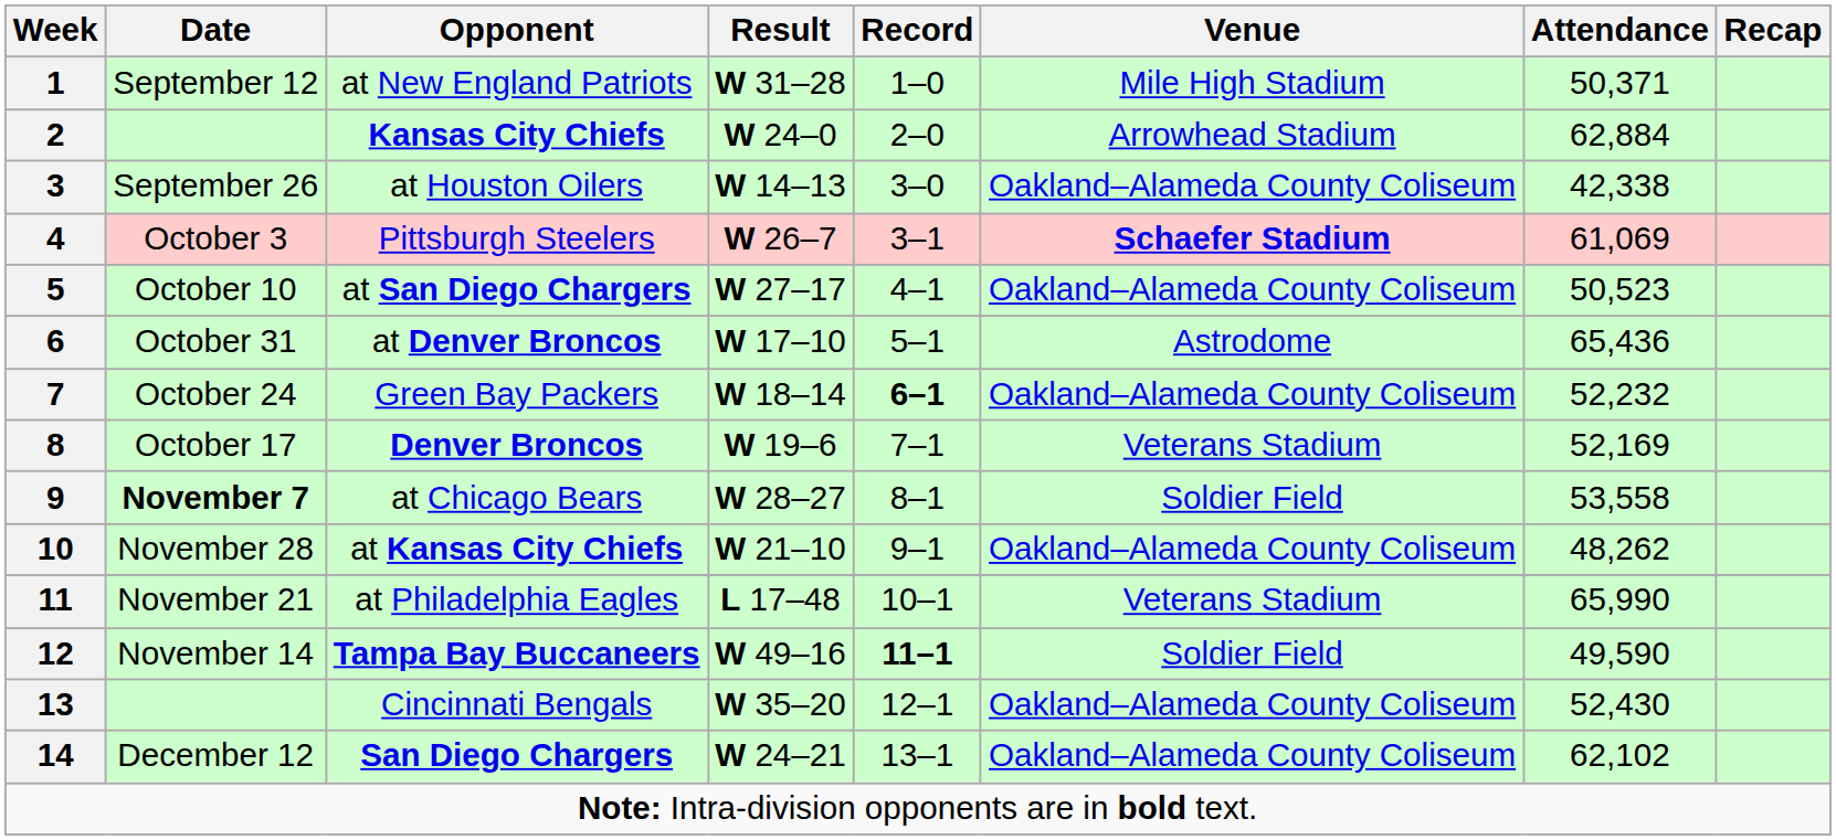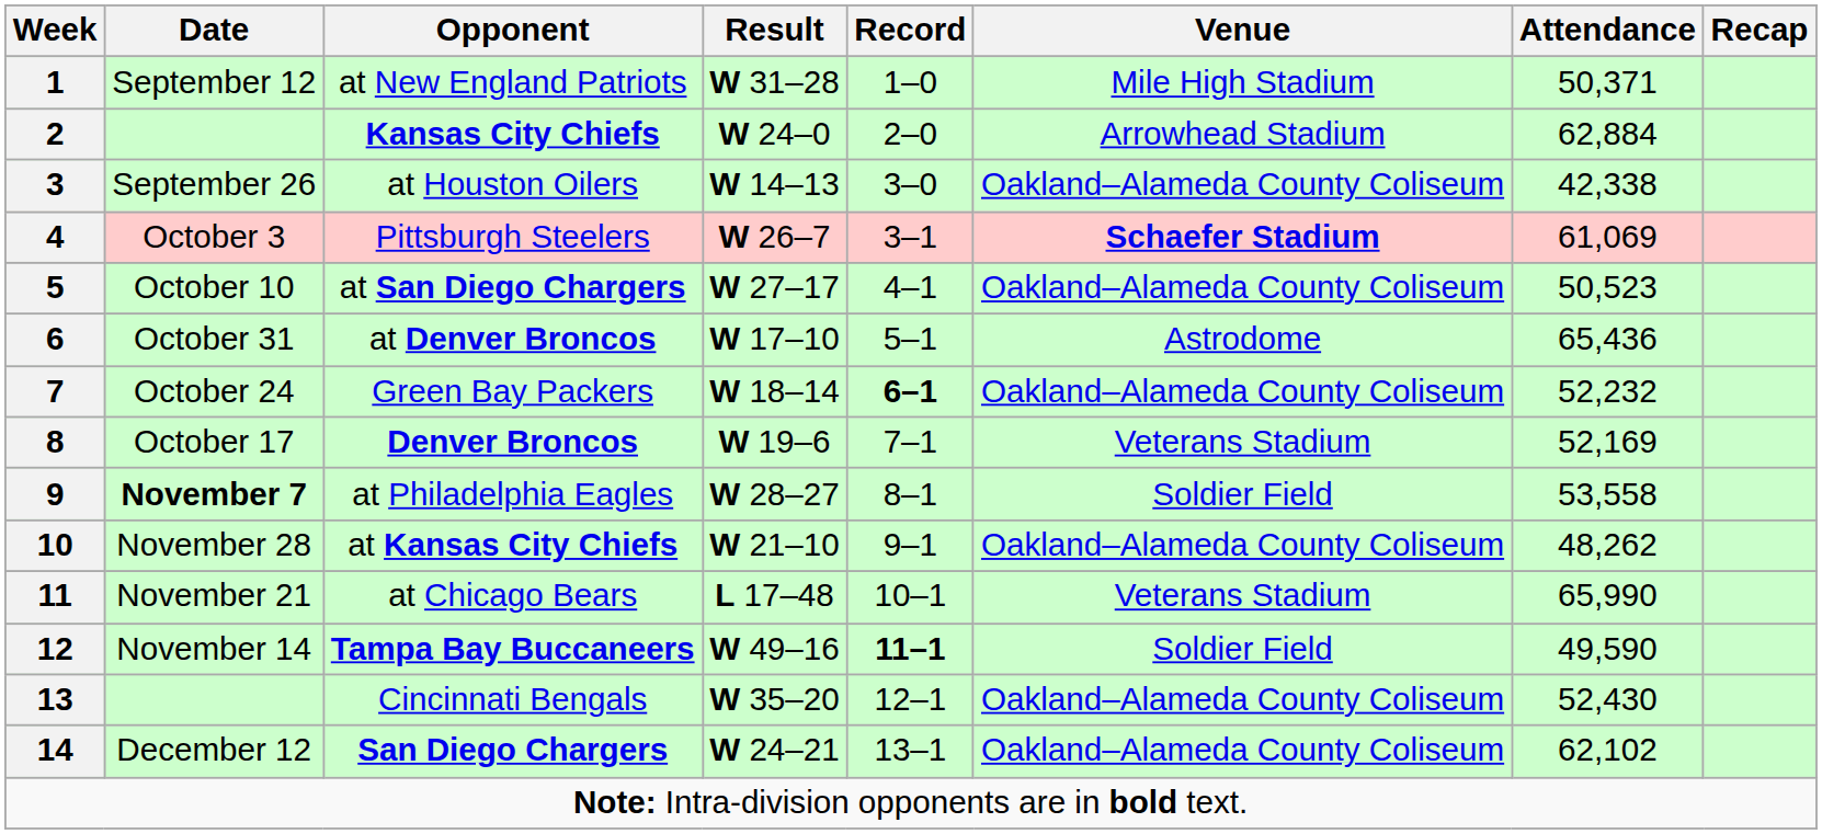 <table class="wikitable" style="text-align:center">
 <tr>
 <th>Week</th>
 <th>Date</th>
 <th>Opponent</th>
 <th>Result</th>
 <th>Record</th>
 <th>Venue</th>
 <th>Attendance</th>
 <th>Recap</th>
 </tr>
 <tr style="background: #cfc;">
 <th>1</th>
 <td>September 12</td>
 <td>at <a href='#'>New England Patriots</a></td>
 <td><strong>W</strong> 31–28</td>
 <td>1–0</td>
 <td><a href='#'>Mile High Stadium</a></td>
 <td>50,371</td>
 <td></td>
 </tr>
 <tr style="background: #cfc;">
 <th>2</th>
 <td></td>
 <td><strong><a href='#'>Kansas City Chiefs</a></strong></td>
 <td><strong>W</strong> 24–0</td>
 <td>2–0</td>
 <td><a href='#'>Arrowhead Stadium</a></td>
 <td>62,884</td>
 <td></td>
 </tr>
 <tr style="background: #cfc;">
 <th>3</th>
 <td>September 26</td>
 <td>at <a href='#'>Houston Oilers</a></td>
 <td><strong>W</strong> 14–13</td>
 <td>3–0</td>
 <td><a href='#'>Oakland–Alameda County Coliseum</a></td>
 <td>42,338</td>
 <td></td>
 </tr>
 <tr style="background: #fcc;">
 <th>4</th>
 <td>October 3</td>
 <td><a href='#'>Pittsburgh Steelers</a></td>
 <td><strong>W</strong> 26–7</td>
 <td>3–1</td>
 <td><strong><a href='#'>Schaefer Stadium</a></strong></td>
 <td>61,069</td>
 <td></td>
 </tr>
 <tr style="background: #cfc;">
 <th>5</th>
 <td>October 10</td>
 <td>at <strong><a href='#'>San Diego Chargers</a></strong></td>
 <td><strong>W</strong> 27–17</td>
 <td>4–1</td>
 <td><a href='#'>Oakland–Alameda County Coliseum</a></td>
 <td>50,523</td>
 <td></td>
 </tr>
 <tr style="background: #cfc;">
 <th>6</th>
 <td>October 31</td>
 <td>at <strong><a href='#'>Denver Broncos</a></strong></td>
 <td><strong>W</strong> 17–10</td>
 <td>5–1</td>
 <td><a href='#'>Astrodome</a></td>
 <td>65,436</td>
 <td></td>
 </tr>
 <tr style="background: #cfc;">
 <th>7</th>
 <td>October 24</td>
 <td><a href='#'>Green Bay Packers</a></td>
 <td><strong>W</strong> 18–14</td>
 <td><strong>6–1</strong></td>
 <td><a href='#'>Oakland–Alameda County Coliseum</a></td>
 <td>52,232</td>
 <td></td>
 </tr>
 <tr style="background: #cfc;">
 <th>8</th>
 <td>October 17</td>
 <td><strong><a href='#'>Denver Broncos</a></strong></td>
 <td><strong>W</strong> 19–6</td>
 <td>7–1</td>
 <td><a href='#'>Veterans Stadium</a></td>
 <td>52,169</td>
 <td></td>
 </tr>
 <tr style="background: #cfc">
 <th>9</th>
 <td><strong>November 7</strong></td>
-<td>at <a href='#'>Chicago Bears</a></td>
+<td>at <a href='#'>Philadelphia Eagles</a></td>
 <td><strong>W</strong> 28–27</td>
 <td>8–1</td>
 <td><a href='#'>Soldier Field</a></td>
 <td>53,558</td>
 <td></td>
 </tr>
 <tr style="background: #cfc;">
 <th>10</th>
 <td>November 28</td>
 <td>at <strong><a href='#'>Kansas City Chiefs</a></strong></td>
 <td><strong>W</strong> 21–10</td>
 <td>9–1</td>
 <td><a href='#'>Oakland–Alameda County Coliseum</a></td>
 <td>48,262</td>
 <td></td>
 </tr>
 <tr style="background: #cfc;">
 <th>11</th>
 <td>November 21</td>
-<td>at <a href='#'>Philadelphia Eagles</a></td>
+<td>at <a href='#'>Chicago Bears</a></td>
 <td><strong>L</strong> 17–48</td>
 <td>10–1</td>
 <td><a href='#'>Veterans Stadium</a></td>
 <td>65,990</td>
 <td></td>
 </tr>
 <tr style="background: #cfc;">
 <th>12</th>
 <td>November 14</td>
 <td><strong><a href='#'>Tampa Bay Buccaneers</a></strong></td>
 <td><strong>W</strong> 49–16</td>
 <td><strong>11–1</strong></td>
 <td><a href='#'>Soldier Field</a></td>
 <td>49,590</td>
 <td></td>
 </tr>
 <tr style="background: #cfc;">
 <th>13</th>
 <td></td>
 <td><a href='#'>Cincinnati Bengals</a></td>
 <td><strong>W</strong> 35–20</td>
 <td>12–1</td>
 <td><a href='#'>Oakland–Alameda County Coliseum</a></td>
 <td>52,430</td>
 <td></td>
 </tr>
 <tr style="background: #cfc;">
 <th>14</th>
 <td>December 12</td>
 <td><strong><a href='#'>San Diego Chargers</a></strong></td>
 <td><strong>W</strong> 24–21</td>
 <td>13–1</td>
 <td><a href='#'>Oakland–Alameda County Coliseum</a></td>
 <td>62,102</td>
 <td></td>
 </tr>
 <tr>
 <td colspan="8"><strong>Note:</strong> Intra-division opponents are in <strong>bold</strong> text.</td>
 </tr>
 </table>
